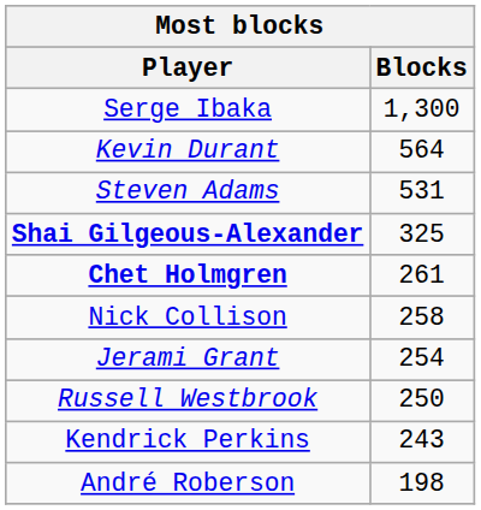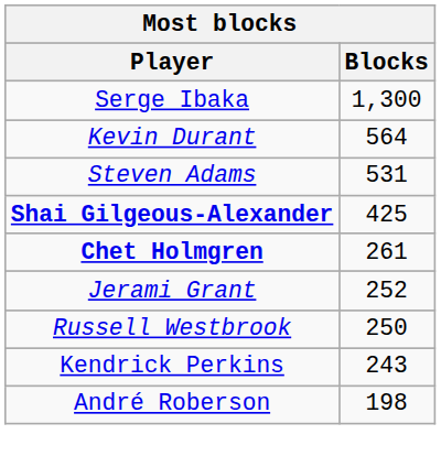 <table class="wikitable sortable" style="text-align:center">
 <tr>
 <th colspan="2" style="text-align:center; ">Most blocks</th>
 </tr>
 <tr>
 <th style="text-align:center; ">Player</th>
 <th style="text-align:center; ">Blocks</th>
 </tr>
 <tr>
 <td><a href='#'>Serge Ibaka</a></td>
 <td>1,300</td>
 </tr>
 <tr>
 <td><em><a href='#'>Kevin Durant</a></em></td>
 <td>564</td>
 </tr>
 <tr>
 <td><em><a href='#'>Steven Adams</a></em></td>
 <td>531</td>
 </tr>
 <tr>
 <td><strong><a href='#'>Shai Gilgeous-Alexander</a></strong></td>
-<td>325</td>
+<td>425</td>
 </tr>
 <tr>
 <td><strong><a href='#'>Chet Holmgren</a></strong></td>
 <td>261</td>
 </tr>
 <tr>
-<td><a href='#'>Nick Collison</a></td>
-<td>258</td>
-</tr>
-<tr>
 <td><em><a href='#'>Jerami Grant</a></em></td>
-<td>254</td>
+<td>252</td>
 </tr>
 <tr>
 <td><em><a href='#'>Russell Westbrook</a></em></td>
 <td>250</td>
 </tr>
 <tr>
 <td><a href='#'>Kendrick Perkins</a></td>
 <td>243</td>
 </tr>
 <tr>
 <td><a href='#'>André Roberson</a></td>
 <td>198</td>
 </tr>
 </table>
